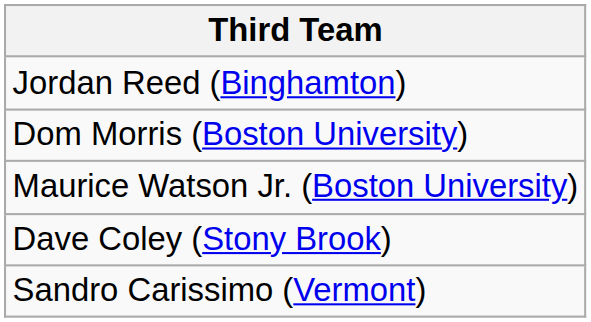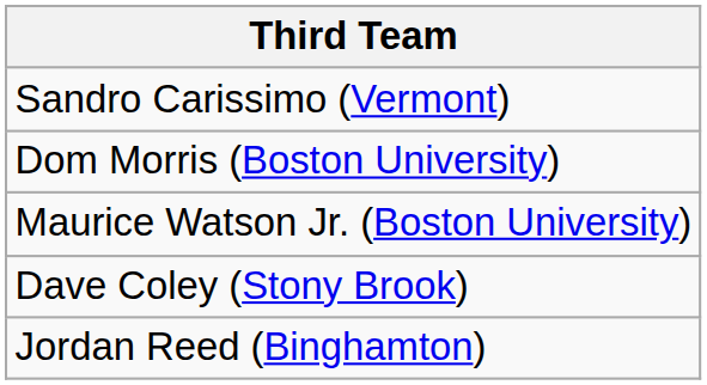 <table class="wikitable">
 <tr>
 <th>Third Team</th>
 </tr>
 <tr>
-<td>Jordan Reed (<a href='#'>Binghamton</a>)</td>
+<td>Sandro Carissimo (<a href='#'>Vermont</a>)</td>
 </tr>
 <tr>
 <td>Dom Morris (<a href='#'>Boston University</a>)</td>
 </tr>
 <tr>
 <td>Maurice Watson Jr. (<a href='#'>Boston University</a>)</td>
 </tr>
 <tr>
 <td>Dave Coley (<a href='#'>Stony Brook</a>)</td>
 </tr>
 <tr>
-<td>Sandro Carissimo (<a href='#'>Vermont</a>)</td>
+<td>Jordan Reed (<a href='#'>Binghamton</a>)</td>
 </tr>
 </table>
